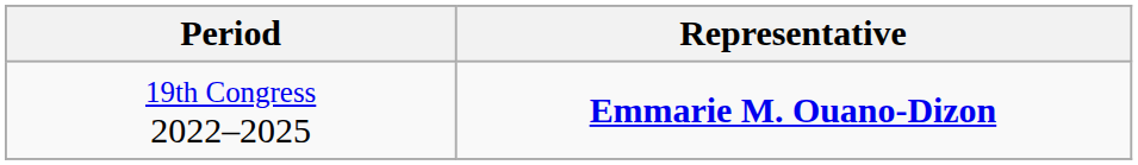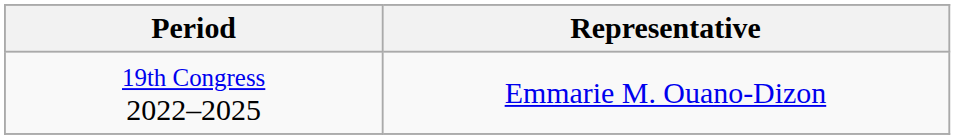 <table class="wikitable" style="text-align:center; width:40%;">
 <tr>
 <th width="40%">Period</th>
 <th>Representative</th>
 </tr>
 <tr>
 <td><small><a href='#'>19th Congress</a></small><br>2022–2025</td>
-<td><strong><a href='#'>Emmarie M. Ouano-Dizon</a></strong></td>
+<td><a href='#'>Emmarie M. Ouano-Dizon</a></td>
 </tr>
 </table>
